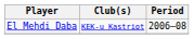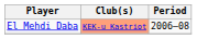 <table class="wikitable collapsible collapsed" style="text-align:center;font-size:95%">
 <tr>
 <th scope="col">Player</th>
 <th scope="col" class="unsortable">Club(s)</th>
 <th scope="col">Period</th>
 </tr>
 <tr>
 <td align="left"><a href='#'>El Mehdi Daba</a></td>
-<td><small><a href='#'>KEK-u Kastriot</a></small></td>
+<td style="background: lightsalmon;"><small><a href='#'>KEK-u Kastriot</a></small></td>
 <td>2006–08</td>
 </tr>
 <tr>
 </tr>
 </table>
